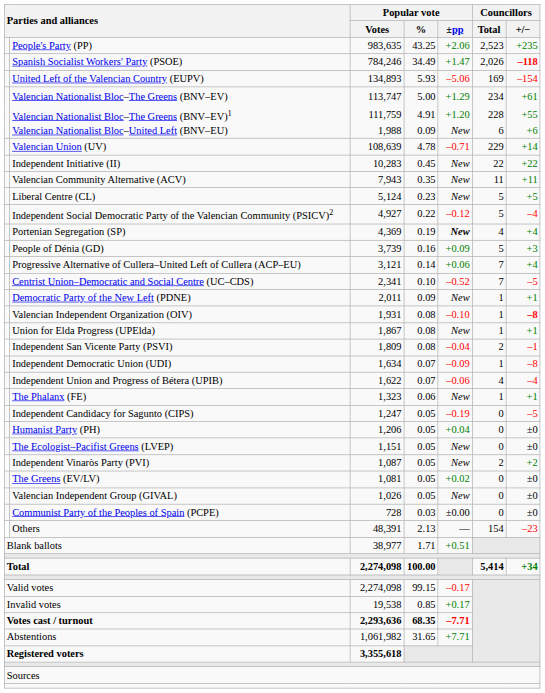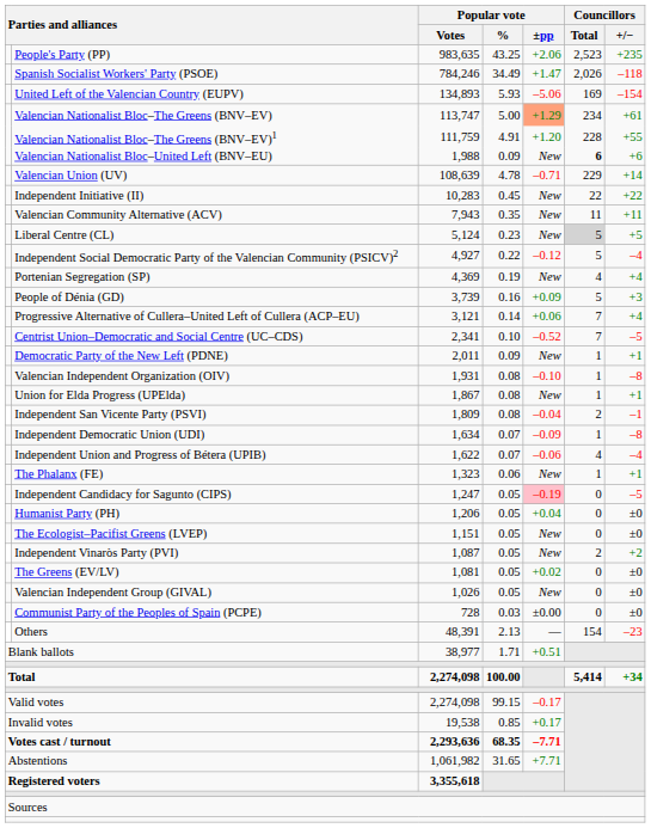 <table class="wikitable" style="text-align:right;">
 <tr>
 <th style="text-align:left;" rowspan="2" colspan="2" width="525">Parties and alliances</th>
 <th colspan="3">Popular vote</th>
 <th colspan="2">Councillors</th>
 </tr>
 <tr>
 <th width="75">Votes</th>
 <th width="45">%</th>
 <th width="45">±<a href='#'>pp</a></th>
 <th width="45">Total</th>
 <th width="45">+/−</th>
 </tr>
 <tr>
 <td width="1" style="color:inherit;background:"></td>
 <td align="left"><a href='#'>People's Party</a> (PP)</td>
 <td>983,635</td>
 <td>43.25</td>
 <td style="color:green;">+2.06</td>
 <td>2,523</td>
 <td style="color:green;">+235</td>
 </tr>
 <tr>
 <td style="color:inherit;background:"></td>
 <td align="left"><a href='#'>Spanish Socialist Workers' Party</a> (PSOE)</td>
 <td>784,246</td>
 <td>34.49</td>
 <td style="color:green;">+1.47</td>
 <td>2,026</td>
-<td style="color:red;"><strong>–118</strong></td>
+<td style="color:red;">–118</td>
 </tr>
 <tr>
 <td style="color:inherit;background:"></td>
 <td align="left"><a href='#'>United Left of the Valencian Country</a> (EUPV)</td>
 <td>134,893</td>
 <td>5.93</td>
 <td style="color:red;">–5.06</td>
 <td>169</td>
 <td style="color:red;">–154</td>
 </tr>
 <tr style="line-height:22px;">
 <td rowspan="3" style="color:inherit;background:"></td>
 <td align="left"><a href='#'>Valencian Nationalist Bloc</a>–<a href='#'>The Greens</a> (BNV–EV)</td>
 <td>113,747</td>
 <td>5.00</td>
-<td style="color:green;">+1.29</td>
+<td style="background: lightsalmon; color:green;">+1.29</td>
 <td>234</td>
 <td style="color:green;">+61</td>
 </tr>
 <tr style="border-bottom-style:hidden; border-top-style:hidden; line-height:16px;">
 <td align="left"><span><a href='#'>Valencian Nationalist Bloc</a>–<a href='#'>The Greens</a> (BNV–EV)<sup>1</sup></span></td>
 <td>111,759</td>
 <td>4.91</td>
 <td style="color:green;">+1.20</td>
 <td>228</td>
 <td style="color:green;">+55</td>
 </tr>
 <tr style="line-height:16px;">
 <td align="left"><span><a href='#'>Valencian Nationalist Bloc</a>–<a href='#'>United Left</a> (BNV–EU)</span></td>
 <td>1,988</td>
 <td>0.09</td>
 <td><em>New</em></td>
-<td>6</td>
+<td><strong>6</strong></td>
 <td style="color:green;">+6</td>
 </tr>
 <tr>
 <td style="color:inherit;background:"></td>
 <td align="left"><a href='#'>Valencian Union</a> (UV)</td>
 <td>108,639</td>
 <td>4.78</td>
 <td style="color:red;">–0.71</td>
 <td>229</td>
 <td style="color:green;">+14</td>
 </tr>
 <tr>
 <td style="color:inherit;background:"></td>
 <td align="left">Independent Initiative (II)</td>
 <td>10,283</td>
 <td>0.45</td>
 <td><em>New</em></td>
 <td>22</td>
 <td style="color:green;">+22</td>
 </tr>
 <tr>
 <td style="color:inherit;background:"></td>
 <td align="left">Valencian Community Alternative (ACV)</td>
 <td>7,943</td>
 <td>0.35</td>
 <td><em>New</em></td>
 <td>11</td>
 <td style="color:green;">+11</td>
 </tr>
 <tr>
 <td style="color:inherit;background:"></td>
 <td align="left">Liberal Centre (CL)</td>
 <td>5,124</td>
 <td>0.23</td>
 <td><em>New</em></td>
-<td>5</td>
+<td style="background: lightgrey;">5</td>
 <td style="color:green;">+5</td>
 </tr>
 <tr>
 <td style="color:inherit;background:"></td>
 <td align="left">Independent Social Democratic Party of the Valencian Community (PSICV)<sup>2</sup></td>
 <td>4,927</td>
 <td>0.22</td>
 <td style="color:red;">–0.12</td>
 <td>5</td>
 <td style="color:red;">–4</td>
 </tr>
 <tr>
 <td style="color:inherit;background:"></td>
 <td align="left">Portenian Segregation (SP)</td>
 <td>4,369</td>
 <td>0.19</td>
-<td><strong><em>New</em></strong></td>
+<td><em>New</em></td>
 <td>4</td>
 <td style="color:green;">+4</td>
 </tr>
 <tr>
 <td style="color:inherit;background:"></td>
 <td align="left">People of Dénia (GD)</td>
 <td>3,739</td>
 <td>0.16</td>
 <td style="color:green;">+0.09</td>
 <td>5</td>
 <td style="color:green;">+3</td>
 </tr>
 <tr>
 <td style="color:inherit;background:"></td>
 <td align="left">Progressive Alternative of Cullera–United Left of Cullera (ACP–EU)</td>
 <td>3,121</td>
 <td>0.14</td>
 <td style="color:green;">+0.06</td>
 <td>7</td>
 <td style="color:green;">+4</td>
 </tr>
 <tr>
 <td style="color:inherit;background:"></td>
 <td align="left"><a href='#'>Centrist Union–Democratic and Social Centre</a> (UC–CDS)</td>
 <td>2,341</td>
 <td>0.10</td>
 <td style="color:red;">–0.52</td>
 <td>7</td>
 <td style="color:red;">–5</td>
 </tr>
 <tr>
 <td style="color:inherit;background:"></td>
 <td align="left"><a href='#'>Democratic Party of the New Left</a> (PDNE)</td>
 <td>2,011</td>
 <td>0.09</td>
 <td><em>New</em></td>
 <td>1</td>
 <td style="color:green;">+1</td>
 </tr>
 <tr>
 <td style="color:inherit;background:"></td>
 <td align="left">Valencian Independent Organization (OIV)</td>
 <td>1,931</td>
 <td>0.08</td>
 <td style="color:red;">–0.10</td>
 <td>1</td>
-<td style="color:red;"><strong>–8</strong></td>
+<td style="color:red;">–8</td>
 </tr>
 <tr>
 <td style="color:inherit;background:"></td>
 <td align="left">Union for Elda Progress (UPElda)</td>
 <td>1,867</td>
 <td>0.08</td>
 <td><em>New</em></td>
 <td>1</td>
 <td style="color:green;">+1</td>
 </tr>
 <tr>
 <td bgcolor="white"></td>
 <td align="left">Independent San Vicente Party (PSVI)</td>
 <td>1,809</td>
 <td>0.08</td>
 <td style="color:red;">–0.04</td>
 <td>2</td>
 <td style="color:red;">–1</td>
 </tr>
 <tr>
 <td style="color:inherit;background:"></td>
 <td align="left">Independent Democratic Union (UDI)</td>
 <td>1,634</td>
 <td>0.07</td>
 <td style="color:red;">–0.09</td>
 <td>1</td>
 <td style="color:red;">–8</td>
 </tr>
 <tr>
 <td style="color:inherit;background:"></td>
 <td align="left">Independent Union and Progress of Bétera (UPIB)</td>
 <td>1,622</td>
 <td>0.07</td>
 <td style="color:red;">–0.06</td>
 <td>4</td>
 <td style="color:red;">–4</td>
 </tr>
 <tr>
 <td style="color:inherit;background:"></td>
 <td align="left"><a href='#'>The Phalanx</a> (FE)</td>
 <td>1,323</td>
 <td>0.06</td>
 <td><em>New</em></td>
 <td>1</td>
 <td style="color:green;">+1</td>
 </tr>
 <tr>
 <td style="color:inherit;background:"></td>
 <td align="left">Independent Candidacy for Sagunto (CIPS)</td>
 <td>1,247</td>
 <td>0.05</td>
-<td style="color:red;">–0.19</td>
+<td style="background: pink; color:red;">–0.19</td>
 <td>0</td>
 <td style="color:red;">–5</td>
 </tr>
 <tr>
 <td style="color:inherit;background:"></td>
 <td align="left"><a href='#'>Humanist Party</a> (PH)</td>
 <td>1,206</td>
 <td>0.05</td>
 <td style="color:green;">+0.04</td>
 <td>0</td>
 <td>±0</td>
 </tr>
 <tr>
 <td style="color:inherit;background:"></td>
 <td align="left"><a href='#'>The Ecologist–Pacifist Greens</a> (LVEP)</td>
 <td>1,151</td>
 <td>0.05</td>
 <td><em>New</em></td>
 <td>0</td>
 <td>±0</td>
 </tr>
 <tr>
 <td bgcolor="white"></td>
 <td align="left">Independent Vinaròs Party (PVI)</td>
 <td>1,087</td>
 <td>0.05</td>
 <td><em>New</em></td>
 <td>2</td>
 <td style="color:green;">+2</td>
 </tr>
 <tr>
 <td style="color:inherit;background:"></td>
 <td align="left"><a href='#'>The Greens</a> (EV/LV)</td>
 <td>1,081</td>
 <td>0.05</td>
 <td style="color:green;">+0.02</td>
 <td>0</td>
 <td>±0</td>
 </tr>
 <tr>
 <td style="color:inherit;background:"></td>
 <td align="left">Valencian Independent Group (GIVAL)</td>
 <td>1,026</td>
 <td>0.05</td>
 <td><em>New</em></td>
 <td>0</td>
 <td>±0</td>
 </tr>
 <tr>
 <td style="color:inherit;background:"></td>
 <td align="left"><a href='#'>Communist Party of the Peoples of Spain</a> (PCPE)</td>
 <td>728</td>
 <td>0.03</td>
 <td>±0.00</td>
 <td>0</td>
 <td>±0</td>
 </tr>
 <tr>
 <td bgcolor="white"></td>
 <td align="left">Others</td>
 <td>48,391</td>
 <td>2.13</td>
 <td>—</td>
 <td>154</td>
 <td style="color:red;">–23</td>
 </tr>
 <tr>
 <td align="left" colspan="2">Blank ballots</td>
 <td>38,977</td>
 <td>1.71</td>
 <td style="color:green;">+0.51</td>
 <td bgcolor="#E9E9E9" colspan="2"></td>
 </tr>
 <tr>
 <td colspan="7" bgcolor="#E9E9E9"></td>
 </tr>
 <tr style="font-weight:bold;">
 <td align="left" colspan="2">Total</td>
 <td>2,274,098</td>
 <td>100.00</td>
 <td bgcolor="#E9E9E9"></td>
 <td>5,414</td>
 <td style="color:green;">+34</td>
 </tr>
 <tr>
 <td colspan="7" bgcolor="#E9E9E9"></td>
 </tr>
 <tr>
 <td align="left" colspan="2">Valid votes</td>
 <td>2,274,098</td>
 <td>99.15</td>
 <td style="color:red;">–0.17</td>
 <td bgcolor="#E9E9E9" colspan="2" rowspan="5"></td>
 </tr>
 <tr>
 <td align="left" colspan="2">Invalid votes</td>
 <td>19,538</td>
 <td>0.85</td>
 <td style="color:green;">+0.17</td>
 </tr>
 <tr style="font-weight:bold;">
 <td align="left" colspan="2">Votes cast / turnout</td>
 <td>2,293,636</td>
 <td>68.35</td>
 <td style="color:red;">–7.71</td>
 </tr>
 <tr>
 <td align="left" colspan="2">Abstentions</td>
 <td>1,061,982</td>
 <td>31.65</td>
 <td style="color:green;">+7.71</td>
 </tr>
 <tr style="font-weight:bold;">
 <td align="left" colspan="2">Registered voters</td>
 <td>3,355,618</td>
 <td bgcolor="#E9E9E9" colspan="2"></td>
 </tr>
 <tr>
 <td colspan="7" bgcolor="#E9E9E9"></td>
 </tr>
 <tr>
 <td align="left" colspan="7">Sources</td>
 </tr>
 <tr>
 <td colspan="7" style="text-align:left; max-width:790px;"></td>
 </tr>
 </table>
